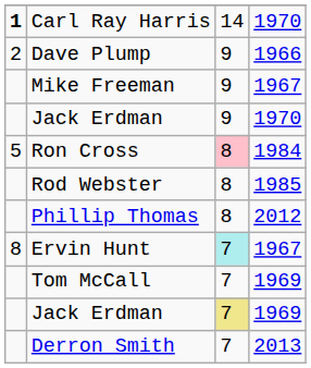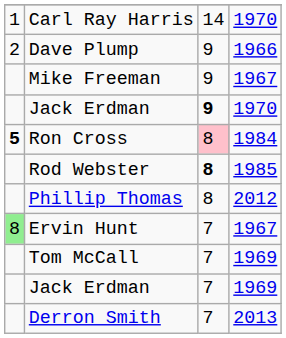 <table class="wikitable">
 <tr>
 </tr>
 <tr>
-<td><strong>1</strong></td>
+<td>1</td>
 <td>Carl Ray Harris</td>
 <td>14</td>
 <td><a href='#'>1970</a></td>
 </tr>
 <tr>
 <td>2</td>
 <td>Dave Plump</td>
 <td>9</td>
 <td><a href='#'>1966</a></td>
 </tr>
 <tr>
 <td></td>
 <td>Mike Freeman</td>
 <td>9</td>
 <td><a href='#'>1967</a></td>
 </tr>
 <tr>
 <td></td>
 <td>Jack Erdman</td>
-<td>9</td>
+<td><strong>9</strong></td>
 <td><a href='#'>1970</a></td>
 </tr>
 <tr>
-<td>5</td>
+<td><strong>5</strong></td>
 <td>Ron Cross</td>
 <td style="background: pink;">8</td>
 <td><a href='#'>1984</a></td>
 </tr>
 <tr>
 <td></td>
 <td>Rod Webster</td>
-<td>8</td>
+<td><strong>8</strong></td>
 <td><a href='#'>1985</a></td>
 </tr>
 <tr>
 <td></td>
 <td><a href='#'>Phillip Thomas</a></td>
 <td>8</td>
 <td><a href='#'>2012</a></td>
 </tr>
 <tr>
-<td>8</td>
+<td style="background: lightgreen;">8</td>
 <td>Ervin Hunt</td>
-<td style="background: paleturquoise;">7</td>
+<td>7</td>
 <td><a href='#'>1967</a></td>
 </tr>
 <tr>
 <td></td>
 <td>Tom McCall</td>
 <td>7</td>
 <td><a href='#'>1969</a></td>
 </tr>
 <tr>
 <td></td>
 <td>Jack Erdman</td>
-<td style="background: khaki;">7</td>
+<td>7</td>
 <td><a href='#'>1969</a></td>
 </tr>
 <tr>
 <td></td>
 <td><a href='#'>Derron Smith</a></td>
 <td>7</td>
 <td><a href='#'>2013</a></td>
 </tr>
 </table>
